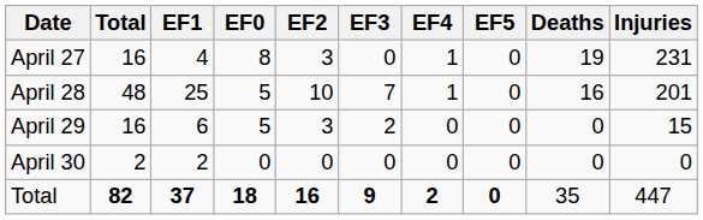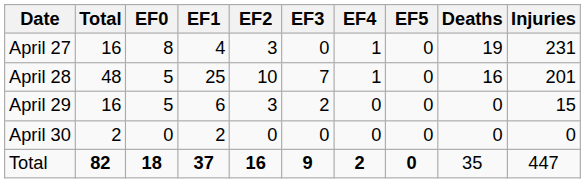 <table class="wikitable sortable" style="margin: 1em auto 1em auto;">
 <tr>
 <th scope="col">Date</th>
 <th scope="col" align="center">Total</th>
+<th scope="col" align="center"> EF0 </th>
 <th scope="col" align="center"> EF1 </th>
-<th scope="col" align="center"> EF0 </th>
 <th scope="col" align="center"> EF2 </th>
 <th scope="col" align="center"> EF3 </th>
 <th scope="col" align="center"> EF4 </th>
 <th scope="col" align="center"> EF5 </th>
 <th scope="col" align="center">Deaths</th>
 <th scope="col" align="center">Injuries</th>
 </tr>
 <tr>
 <td>April 27</td>
 <td align="right">16</td>
+<td align="right">8</td>
 <td align="right">4</td>
-<td align="right">8</td>
 <td align="right">3</td>
 <td align="right">0</td>
 <td align="right">1</td>
 <td align="right">0</td>
 <td align="right">19</td>
 <td align="right">231</td>
 </tr>
 <tr>
 <td>April 28</td>
 <td align="right">48</td>
+<td align="right">5</td>
 <td align="right">25</td>
-<td align="right">5</td>
 <td align="right">10</td>
 <td align="right">7</td>
 <td align="right">1</td>
 <td align="right">0</td>
 <td align="right">16</td>
 <td align="right">201</td>
 </tr>
 <tr>
 <td>April 29</td>
 <td align="right">16</td>
+<td align="right">5</td>
 <td align="right">6</td>
-<td align="right">5</td>
 <td align="right">3</td>
 <td align="right">2</td>
 <td align="right">0</td>
 <td align="right">0</td>
 <td align="right">0</td>
 <td align="right">15</td>
 </tr>
 <tr>
 <td>April 30</td>
 <td align="right">2</td>
+<td align="right">0</td>
 <td align="right">2</td>
-<td align="right">0</td>
 <td align="right">0</td>
 <td align="right">0</td>
 <td align="right">0</td>
 <td align="right">0</td>
 <td align="right">0</td>
 <td align="right">0</td>
 </tr>
 <tr class="sortbottom">
 <td>Total</td>
 <td align="center"><strong>82</strong></td>
+<td align="center"><strong>18</strong></td>
 <td align="center"><strong>37</strong></td>
-<td align="center"><strong>18</strong></td>
 <td align="center"><strong>16</strong></td>
 <td align="center"><strong>9</strong></td>
 <td align="center"><strong>2</strong></td>
 <td align="center"><strong>0</strong></td>
 <td align="center">35</td>
 <td align="center">447</td>
 </tr>
 </table>
